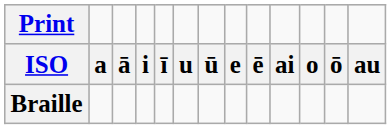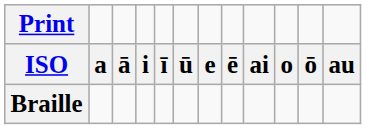 <table class="wikitable">
 <tr>
 <th><a href='#'>Print</a></th>
-<td></td>
 <td></td>
 <td></td>
 <td></td>
 <td></td>
 <td></td>
 <td></td>
 <td></td>
 <td></td>
 <td></td>
 <td></td>
 <td></td>
 </tr>
 <tr>
 <th><a href='#'>ISO</a></th>
 <th>a</th>
 <th>ā</th>
 <th>i</th>
 <th>ī</th>
-<th>u</th>
 <th>ū</th>
 <th>e</th>
 <th>ē</th>
 <th>ai</th>
 <th>o</th>
 <th>ō</th>
 <th>au</th>
 </tr>
 <tr>
 <th>Braille</th>
 <td></td>
 <td></td>
 <td></td>
 <td></td>
 <td></td>
 <td></td>
 <td></td>
 <td></td>
 <td></td>
 <td></td>
 <td></td>
-<td></td>
 </tr>
 </table>
